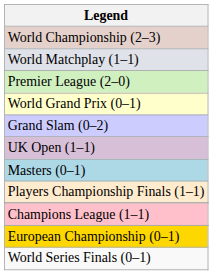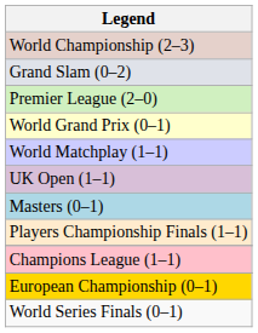 <table class="wikitable">
 <tr>
 <th>Legend</th>
 </tr>
 <tr style="background:#e5d1cb;">
 <td>World Championship (2–3)</td>
 </tr>
 <tr style="background:#dfe2e9;">
-<td>World Matchplay (1–1)</td>
+<td>Grand Slam (0–2)</td>
 </tr>
 <tr style="background:#d0f0c0;">
 <td>Premier League (2–0)</td>
 </tr>
 <tr style="background:#FFFFCC;">
 <td>World Grand Prix (0–1)</td>
 </tr>
 <tr style="background:#CCCCFF;">
-<td>Grand Slam (0–2)</td>
+<td>World Matchplay (1–1)</td>
 </tr>
 <tr style="background:thistle">
 <td>UK Open (1–1)</td>
 </tr>
 <tr bgcolor="lightblue">
 <td>Masters (0–1)</td>
 </tr>
 <tr style="background:#ffebcd;">
 <td>Players Championship Finals (1–1)</td>
 </tr>
 <tr>
 </tr>
 <tr style="background:pink;">
 <td>Champions League (1–1)</td>
 </tr>
 <tr style="backgtpround:#ffa07a;">
 </tr>
 <tr style="background:gold;">
 <td>European Championship (0–1)</td>
 </tr>
 <tr>
 <td>World Series Finals (0–1)</td>
 </tr>
 </table>
